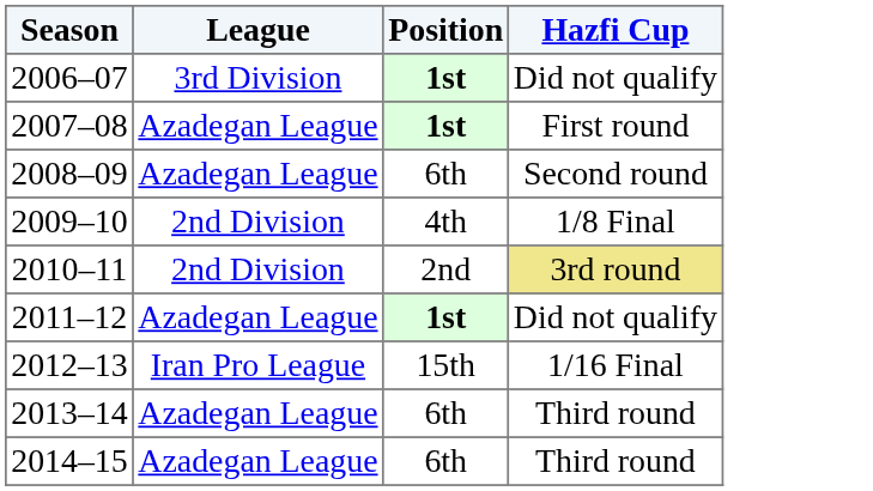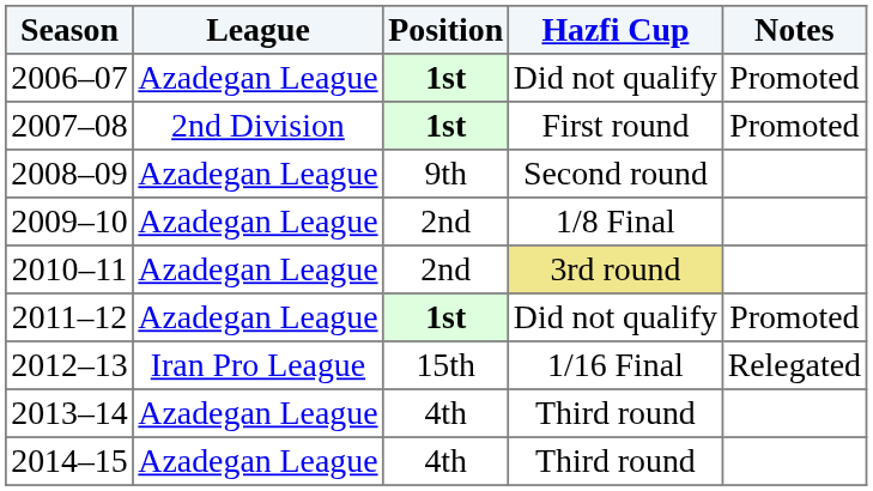 <table border="1" cellpadding="2" style="border-collapse:collapse; text-align:center; font-size:normal;">
 <tr style="background:#f0f6fa;">
 <th>Season</th>
 <th>League</th>
 <th>Position</th>
 <th><a href='#'>Hazfi Cup</a></th>
+<th>Notes</th>
 </tr>
 <tr>
 <td>2006–07</td>
-<td><a href='#'>3rd Division</a></td>
+<td><a href='#'>Azadegan League</a></td>
 <td style="text-align:center; background:#dfd;"><strong>1st</strong></td>
 <td>Did not qualify</td>
+<td>Promoted</td>
 </tr>
 <tr>
 <td>2007–08</td>
-<td><a href='#'>Azadegan League</a></td>
+<td><a href='#'>2nd Division</a></td>
 <td style="text-align:center; background:#dfd;"><strong>1st</strong></td>
 <td>First round</td>
+<td>Promoted</td>
 </tr>
 <tr>
 <td>2008–09</td>
 <td><a href='#'>Azadegan League</a></td>
-<td>6th</td>
+<td>9th</td>
 <td>Second round</td>
+<td></td>
 </tr>
 <tr>
 <td>2009–10</td>
-<td><a href='#'>2nd Division</a></td>
-<td>4th</td>
+<td><a href='#'>Azadegan League</a></td>
+<td>2nd</td>
 <td>1/8 Final</td>
+<td></td>
 </tr>
 <tr>
 <td>2010–11</td>
-<td><a href='#'>2nd Division</a></td>
+<td><a href='#'>Azadegan League</a></td>
 <td>2nd</td>
 <td style="background: khaki;">3rd round</td>
+<td></td>
 </tr>
 <tr>
 <td>2011–12</td>
 <td><a href='#'>Azadegan League</a></td>
 <td style="text-align:center; background:#dfd;"><strong>1st</strong></td>
 <td>Did not qualify</td>
+<td>Promoted</td>
 </tr>
 <tr>
 <td>2012–13</td>
 <td><a href='#'>Iran Pro League</a></td>
 <td style="text-align:center; bgcolor=FFCCCC">15th</td>
 <td>1/16 Final</td>
+<td>Relegated</td>
 </tr>
 <tr>
 <td>2013–14</td>
 <td><a href='#'>Azadegan League</a></td>
-<td>6th</td>
+<td>4th</td>
 <td>Third round</td>
+<td></td>
 </tr>
 <tr>
 <td>2014–15</td>
 <td><a href='#'>Azadegan League</a></td>
-<td>6th</td>
+<td>4th</td>
 <td>Third round</td>
+<td></td>
 </tr>
 </table>
